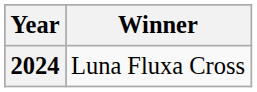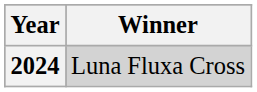 <table class="wikitable" style="font-size: 90%;">
 <tr>
 <th>Year</th>
 <th>Winner</th>
 </tr>
 <tr>
 <th>2024</th>
-<td>Luna Fluxa Cross</td>
+<td style="background: lightgrey;">Luna Fluxa Cross</td>
 </tr>
 </table>
